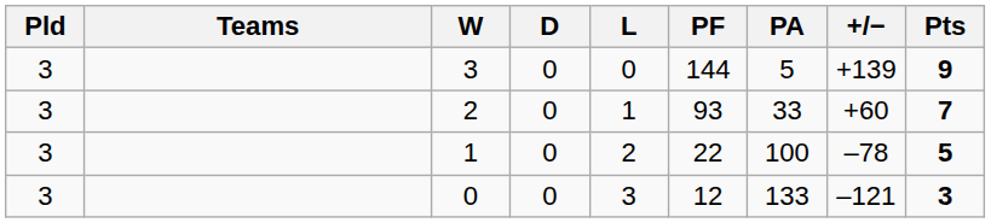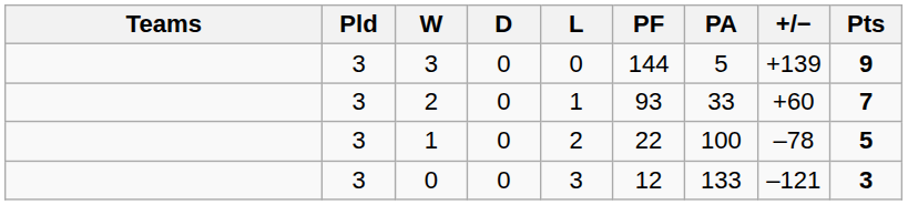 <table class="wikitable" style="text-align:center;">
 <tr>
+<th width="200">Teams</th>
 <th width="40">Pld</th>
-<th width="200">Teams</th>
 <th width="40">W</th>
 <th width="40">D</th>
 <th width="40">L</th>
 <th width="40">PF</th>
 <th width="40">PA</th>
 <th width="40">+/−</th>
 <th width="40">Pts</th>
 </tr>
 <tr>
+<td align=left></td>
 <td>3</td>
-<td align=left></td>
 <td>3</td>
 <td>0</td>
 <td>0</td>
 <td>144</td>
 <td>5</td>
 <td>+139</td>
 <td><strong>9</strong></td>
 </tr>
 <tr>
+<td align=left></td>
 <td>3</td>
-<td align=left></td>
 <td>2</td>
 <td>0</td>
 <td>1</td>
 <td>93</td>
 <td>33</td>
 <td>+60</td>
 <td><strong>7</strong></td>
 </tr>
 <tr>
+<td align=left></td>
 <td>3</td>
-<td align=left></td>
 <td>1</td>
 <td>0</td>
 <td>2</td>
 <td>22</td>
 <td>100</td>
 <td>–78</td>
 <td><strong>5</strong></td>
 </tr>
 <tr>
+<td align=left></td>
 <td>3</td>
-<td align=left></td>
 <td>0</td>
 <td>0</td>
 <td>3</td>
 <td>12</td>
 <td>133</td>
 <td>–121</td>
 <td><strong>3</strong></td>
 </tr>
 </table>
